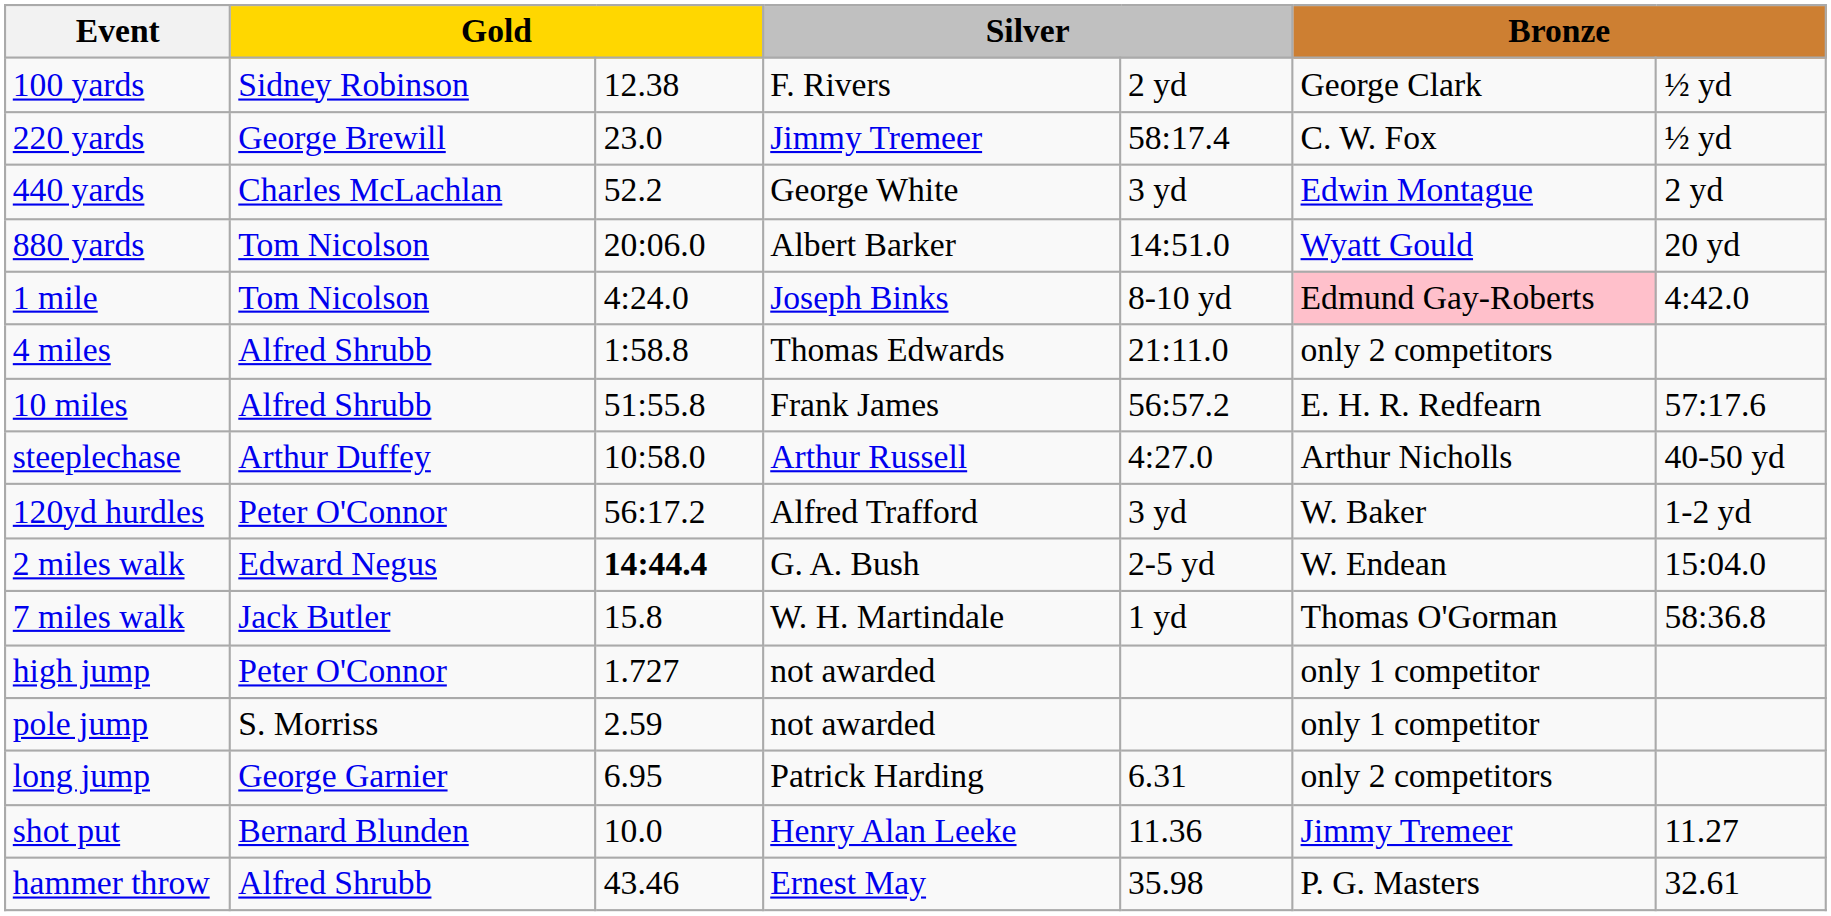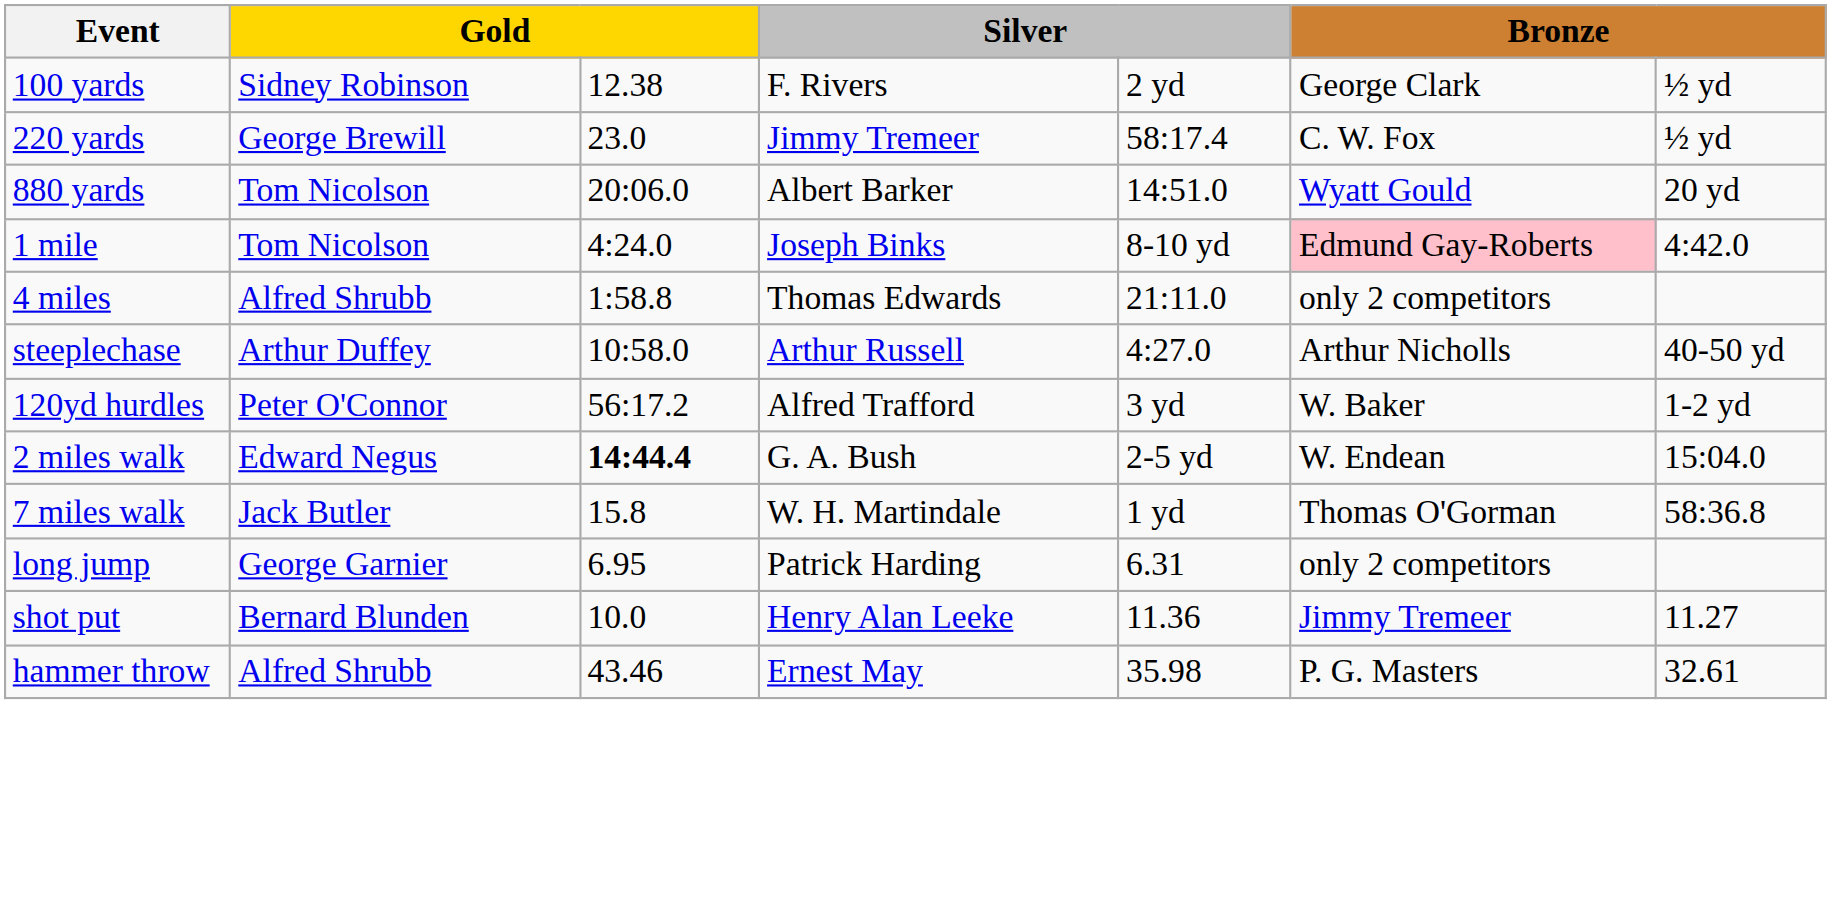 <table class="wikitable" style="text-align:left">
 <tr>
 <th width=100>Event</th>
 <th colspan="2" width="280" style="background:gold;">Gold</th>
 <th colspan="2" width="280" style="background:silver;">Silver</th>
 <th colspan="2" width="280" style="background:#CD7F32;">Bronze</th>
 </tr>
 <tr>
 <td><a href='#'>100 yards</a></td>
 <td><a href='#'>Sidney Robinson</a></td>
 <td>12.38</td>
 <td>F. Rivers</td>
 <td>2 yd</td>
 <td>George Clark</td>
 <td>½ yd</td>
 </tr>
 <tr>
 <td><a href='#'>220 yards</a></td>
 <td><a href='#'>George Brewill</a></td>
 <td>23.0</td>
 <td><a href='#'>Jimmy Tremeer</a></td>
 <td>58:17.4</td>
 <td>C. W. Fox</td>
 <td>½ yd</td>
-</tr>
-<tr>
-<td><a href='#'>440 yards</a></td>
-<td><a href='#'>Charles McLachlan</a></td>
-<td>52.2</td>
-<td>George White</td>
-<td>3 yd</td>
-<td><a href='#'>Edwin Montague</a></td>
-<td>2 yd</td>
 </tr>
 <tr>
 <td><a href='#'>880 yards</a></td>
 <td> <a href='#'>Tom Nicolson</a></td>
 <td>20:06.0</td>
 <td>Albert Barker</td>
 <td>14:51.0</td>
 <td> <a href='#'>Wyatt Gould</a></td>
 <td>20 yd</td>
 </tr>
 <tr>
 <td><a href='#'>1 mile</a></td>
 <td> <a href='#'>Tom Nicolson</a></td>
 <td>4:24.0</td>
 <td><a href='#'>Joseph Binks</a></td>
 <td>8-10 yd</td>
 <td style="background: pink;">Edmund Gay-Roberts</td>
 <td>4:42.0</td>
 </tr>
 <tr>
 <td><a href='#'>4 miles</a></td>
 <td><a href='#'>Alfred Shrubb</a></td>
 <td>1:58.8</td>
 <td>Thomas Edwards</td>
 <td>21:11.0</td>
 <td>only 2 competitors</td>
 <td></td>
-</tr>
-<tr>
-<td><a href='#'>10 miles</a></td>
-<td><a href='#'>Alfred Shrubb</a></td>
-<td>51:55.8</td>
-<td>Frank James</td>
-<td>56:57.2</td>
-<td>E. H. R. Redfearn</td>
-<td>57:17.6</td>
 </tr>
 <tr>
 <td><a href='#'>steeplechase</a></td>
 <td> <a href='#'>Arthur Duffey</a></td>
 <td>10:58.0</td>
 <td><a href='#'>Arthur Russell</a></td>
 <td>4:27.0</td>
 <td>Arthur Nicholls</td>
 <td>40-50 yd</td>
 </tr>
 <tr>
 <td><a href='#'>120yd hurdles</a></td>
 <td> <a href='#'>Peter O'Connor</a></td>
 <td>56:17.2</td>
 <td>Alfred Trafford</td>
 <td>3 yd</td>
 <td>W. Baker</td>
 <td>1-2 yd</td>
 </tr>
 <tr>
 <td><a href='#'>2 miles walk</a></td>
 <td><a href='#'>Edward Negus</a></td>
 <td><strong>14:44.4</strong></td>
 <td>G. A. Bush</td>
 <td>2-5 yd</td>
 <td>W. Endean</td>
 <td>15:04.0</td>
 </tr>
 <tr>
 <td><a href='#'>7 miles walk</a></td>
 <td><a href='#'>Jack Butler</a></td>
 <td>15.8</td>
 <td>W. H. Martindale</td>
 <td>1 yd</td>
 <td>Thomas O'Gorman</td>
 <td>58:36.8</td>
 </tr>
 <tr>
-<td><a href='#'>high jump</a></td>
-<td> <a href='#'>Peter O'Connor</a></td>
-<td>1.727</td>
-<td>not awarded</td>
-<td></td>
-<td>only 1 competitor</td>
-<td></td>
-</tr>
-<tr>
-<td><a href='#'>pole jump</a></td>
-<td> S. Morriss</td>
-<td>2.59</td>
-<td>not awarded</td>
-<td></td>
-<td>only 1 competitor</td>
-<td></td>
-</tr>
-<tr>
 <td><a href='#'>long jump</a></td>
 <td><a href='#'>George Garnier</a></td>
 <td>6.95</td>
 <td> Patrick Harding</td>
 <td>6.31</td>
 <td>only 2 competitors</td>
 <td></td>
 </tr>
 <tr>
 <td><a href='#'>shot put</a></td>
 <td> <a href='#'>Bernard Blunden</a></td>
 <td>10.0</td>
 <td><a href='#'>Henry Alan Leeke</a></td>
 <td>11.36</td>
 <td><a href='#'>Jimmy Tremeer</a></td>
 <td>11.27</td>
 </tr>
 <tr>
 <td><a href='#'>hammer throw</a></td>
 <td><a href='#'>Alfred Shrubb</a></td>
 <td>43.46</td>
 <td><a href='#'>Ernest May</a></td>
 <td>35.98</td>
 <td>P. G. Masters</td>
 <td>32.61</td>
 </tr>
 </table>
